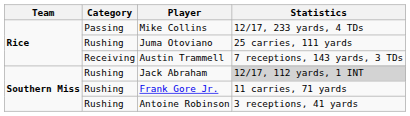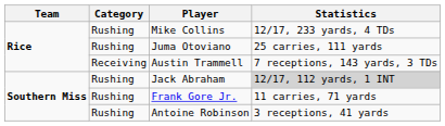 <table class="wikitable" style="float: left;">
 <tr>
 <th>Team</th>
 <th>Category</th>
 <th>Player</th>
 <th>Statistics</th>
 </tr>
 <tr>
 <td rowspan=3><strong>Rice</strong></td>
-<td>Passing</td>
+<td>Rushing</td>
 <td>Mike Collins</td>
 <td>12/17, 233 yards, 4 TDs</td>
 </tr>
 <tr>
 <td>Rushing</td>
 <td>Juma Otoviano</td>
 <td>25 carries, 111 yards</td>
 </tr>
 <tr>
 <td>Receiving</td>
 <td>Austin Trammell</td>
 <td>7 receptions, 143 yards, 3 TDs</td>
 </tr>
 <tr>
 <td rowspan=3><strong>Southern Miss</strong></td>
 <td>Rushing</td>
 <td>Jack Abraham</td>
 <td style="background: lightgrey;">12/17, 112 yards, 1 INT</td>
 </tr>
 <tr>
 <td>Rushing</td>
 <td><a href='#'>Frank Gore Jr.</a></td>
 <td>11 carries, 71 yards</td>
 </tr>
 <tr>
 <td>Rushing</td>
 <td>Antoine Robinson</td>
 <td>3 receptions, 41 yards</td>
 </tr>
 </table>
